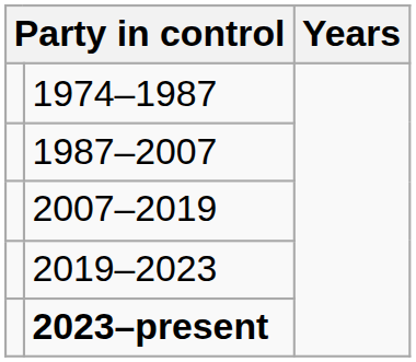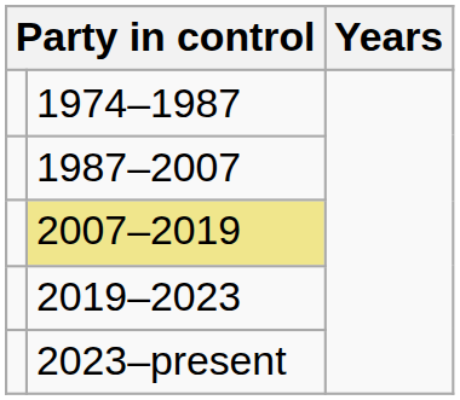 <table class="wikitable">
 <tr>
 <th colspan=2>Party in control</th>
 <th>Years</th>
 </tr>
 <tr>
 <td></td>
 <td>1974–1987</td>
 </tr>
 <tr>
 <td></td>
 <td>1987–2007</td>
 </tr>
 <tr>
 <td></td>
-<td>2007–2019</td>
+<td style="background: khaki;">2007–2019</td>
 </tr>
 <tr>
 <td></td>
 <td>2019–2023</td>
 </tr>
 <tr>
 <td></td>
-<td><strong>2023–present</strong></td>
+<td>2023–present</td>
 </tr>
 </table>
